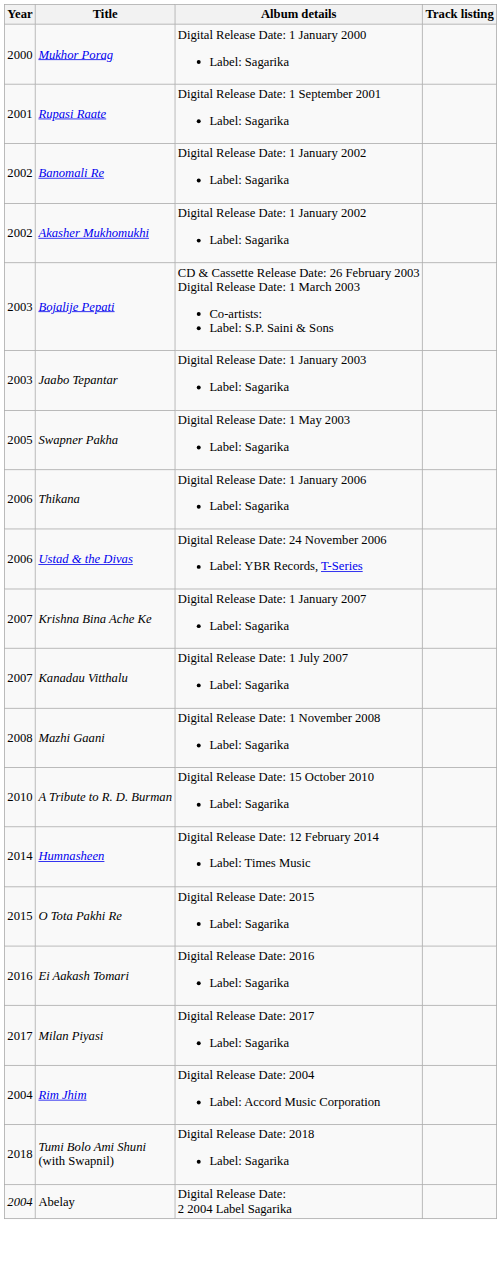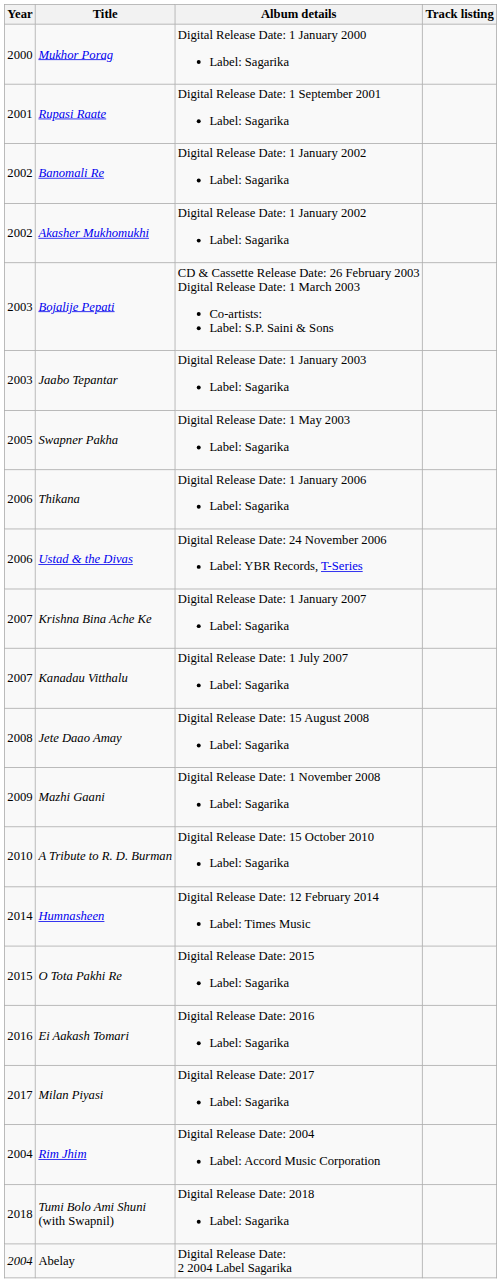 <table class="wikitable">
 <tr>
 <th>Year</th>
 <th>Title</th>
 <th>Album details</th>
 <th>Track listing</th>
 </tr>
 <tr>
 <td>2000</td>
 <td><em><a href='#'>Mukhor Porag</a></em></td>
 <td>Digital Release Date: 1 January 2000<br><ul><li>Label: Sagarika</li></ul></td>
 <td></td>
 </tr>
 <tr>
 <td>2001</td>
 <td><em><a href='#'>Rupasi Raate</a></em></td>
 <td>Digital Release Date: 1 September 2001<br><ul><li>Label: Sagarika</li></ul></td>
 <td></td>
 </tr>
 <tr>
 <td>2002</td>
 <td><em><a href='#'>Banomali Re</a></em></td>
 <td>Digital Release Date: 1 January 2002<br><ul><li>Label: Sagarika</li></ul></td>
 <td></td>
 </tr>
 <tr>
 <td>2002</td>
 <td><em><a href='#'>Akasher Mukhomukhi</a></em></td>
 <td>Digital Release Date: 1 January 2002<br><ul><li>Label: Sagarika</li></ul></td>
 <td></td>
 </tr>
 <tr>
 <td>2003</td>
 <td><em><a href='#'>Bojalije Pepati</a></em></td>
 <td>CD & Cassette Release Date: 26 February 2003 <br> Digital Release Date: 1 March 2003<br><ul><li>Co-artists: </li><li>Label: S.P. Saini & Sons</li></ul></td>
 <td></td>
 </tr>
 <tr>
 <td>2003</td>
 <td><em>Jaabo Tepantar</em></td>
 <td>Digital Release Date: 1 January 2003<br><ul><li>Label: Sagarika</li></ul></td>
 <td></td>
 </tr>
 <tr>
 <td>2005</td>
 <td><em>Swapner Pakha</em></td>
 <td>Digital Release Date: 1 May 2003<br><ul><li>Label: Sagarika</li></ul></td>
 <td><br></td>
 </tr>
 <tr>
 <td>2006</td>
 <td><em>Thikana</em></td>
 <td>Digital Release Date: 1 January 2006<br><ul><li>Label: Sagarika</li></ul></td>
 <td><br></td>
 </tr>
 <tr>
 <td>2006</td>
 <td><em><a href='#'>Ustad & the Divas</a></em></td>
 <td>Digital Release Date: 24 November 2006<br><ul><li>Label: YBR Records, <a href='#'>T-Series</a></li></ul></td>
 <td></td>
 </tr>
 <tr>
 <td>2007</td>
 <td><em>Krishna Bina Ache Ke</em></td>
 <td>Digital Release Date: 1 January 2007<br><ul><li>Label: Sagarika</li></ul></td>
 <td><br></td>
 </tr>
 <tr>
 <td>2007</td>
 <td><em>Kanadau Vitthalu</em></td>
 <td>Digital Release Date: 1 July 2007<br><ul><li>Label: Sagarika</li></ul></td>
 <td><br></td>
 </tr>
 <tr>
 <td>2008</td>
+<td><em>Jete Daao Amay</em></td>
+<td>Digital Release Date: 15 August 2008<br><ul><li>Label: Sagarika</li></ul></td>
+<td><br></td>
+</tr>
+<tr>
+<td>2009</td>
 <td><em>Mazhi Gaani</em></td>
 <td>Digital Release Date: 1 November 2008<br><ul><li>Label: Sagarika</li></ul></td>
 <td></td>
 </tr>
 <tr>
 <td>2010</td>
 <td><em>A Tribute to R. D. Burman</em></td>
 <td>Digital Release Date: 15 October 2010<br><ul><li>Label: Sagarika</li></ul></td>
 <td><br></td>
 </tr>
 <tr>
 <td>2014</td>
 <td><em><a href='#'>Humnasheen</a></em></td>
 <td>Digital Release Date: 12 February 2014<br><ul><li>Label: Times Music</li></ul></td>
 <td></td>
 </tr>
 <tr>
 <td>2015</td>
 <td><em>O Tota Pakhi Re</em></td>
 <td>Digital Release Date: 2015<br><ul><li>Label: Sagarika</li></ul></td>
 <td><br></td>
 </tr>
 <tr>
 <td>2016</td>
 <td><em>Ei Aakash Tomari</em></td>
 <td>Digital Release Date: 2016<br><ul><li>Label: Sagarika</li></ul></td>
 <td><br></td>
 </tr>
 <tr>
 <td>2017</td>
 <td><em>Milan Piyasi</em></td>
 <td>Digital Release Date: 2017<br><ul><li>Label: Sagarika</li></ul></td>
 <td><br></td>
 </tr>
 <tr>
 <td>2004</td>
 <td><em><a href='#'>Rim Jhim</a></em></td>
 <td>Digital Release Date: 2004<br><ul><li>Label: Accord Music Corporation</li></ul></td>
 <td><br></td>
 </tr>
 <tr>
 <td>2018</td>
 <td><em>Tumi Bolo Ami Shuni</em> <br>(with Swapnil)</td>
 <td>Digital Release Date: 2018<br><ul><li>Label: Sagarika</li></ul></td>
 <td><br></td>
 </tr>
 <tr>
 <td><em>2004</em></td>
 <td>Abelay</td>
 <td>Digital Release Date:<br>2 2004 Label Sagarika</td>
 </tr>
 </table>
